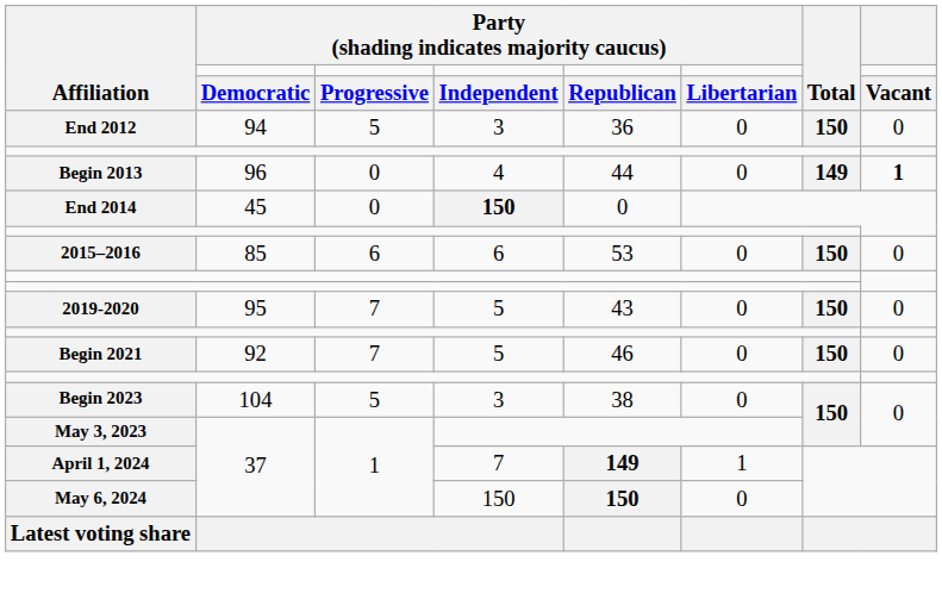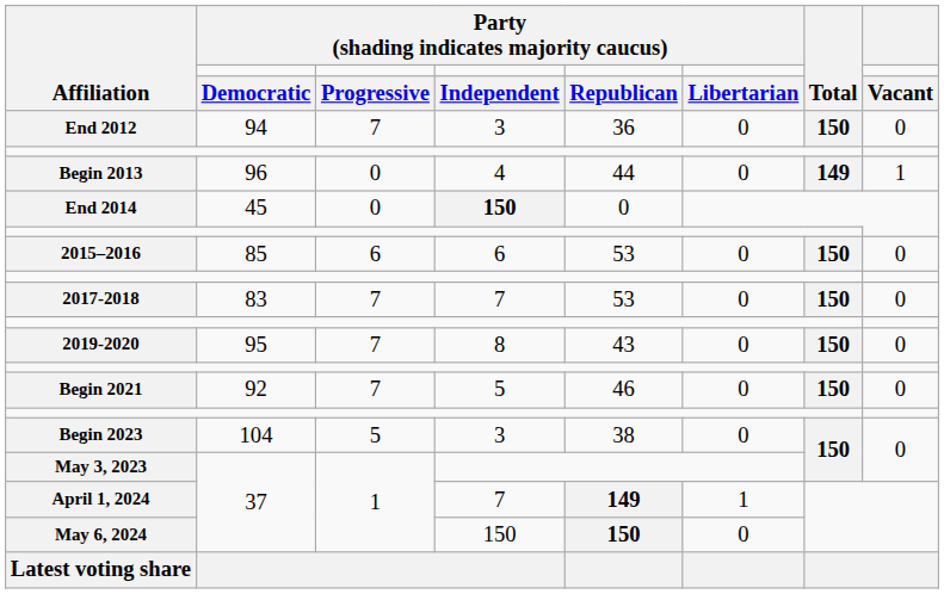 <table class=wikitable style="text-align:center">
 <tr style="vertical-align:bottom;">
 <th rowspan=3>Affiliation</th>
 <th colspan=5>Party <div>(shading indicates majority caucus)</div></th>
 <th rowspan=3>Total</th>
 <th></th>
 </tr>
 <tr style="height:5px">
 <td style="background-color:"></td>
 <td style="background-color:"></td>
 <td style="background-color:"></td>
 <td style="background-color:"></td>
 <td style="background-color:"></td>
 <td style="background-black"></td>
 </tr>
 <tr>
 <th><a href='#'>Democratic</a></th>
 <th><a href='#'>Progressive</a></th>
 <th><a href='#'>Independent</a></th>
 <th><a href='#'>Republican</a></th>
 <th><a href='#'>Libertarian</a></th>
 <th>Vacant</th>
 </tr>
 <tr>
 <th nowrap style="font-size:80%">End 2012</th>
 <td>94</td>
-<td>5</td>
+<td>7</td>
 <td>3</td>
 <td>36</td>
 <td>0</td>
 <th>150</th>
 <td>0</td>
 </tr>
 <tr>
 <td colspan=7></td>
 </tr>
 <tr>
 <th nowrap style="font-size:80%">Begin 2013</th>
 <td>96</td>
 <td>0</td>
 <td>4</td>
 <td>44</td>
 <td>0</td>
 <th>149</th>
-<td><strong>1</strong></td>
+<td>1</td>
 </tr>
 <tr>
 <th nowrap style="font-size:80%">End 2014</th>
 <td>45</td>
 <td>0</td>
 <th>150</th>
 <td>0</td>
 </tr>
 <tr>
 <td colspan=7></td>
 </tr>
 <tr>
 <th nowrap style="font-size:80%">2015–2016</th>
 <td>85</td>
 <td>6</td>
 <td>6</td>
 <td>53</td>
 <td>0</td>
 <th>150</th>
 <td>0</td>
 </tr>
 <tr>
 <td colspan=7></td>
 </tr>
 <tr>
+<th nowrap style="font-size:80%">2017-2018</th>
+<td>83</td>
+<td>7</td>
+<td>7</td>
+<td>53</td>
+<td>0</td>
+<th>150</th>
+<td>0</td>
+</tr>
+<tr>
 <td colspan=7></td>
 </tr>
 <tr>
 <th nowrap style="font-size:80%">2019-2020</th>
 <td>95</td>
 <td>7</td>
-<td>5</td>
+<td>8</td>
 <td>43</td>
 <td>0</td>
 <th>150</th>
 <td>0</td>
 </tr>
 <tr>
 <td colspan=7></td>
 </tr>
 <tr>
 <th nowrap style="font-size:80%">Begin 2021</th>
 <td>92</td>
 <td>7</td>
 <td>5</td>
 <td>46</td>
 <td>0</td>
 <th>150</th>
 <td>0</td>
 </tr>
 <tr>
 <td colspan=7></td>
 </tr>
 <tr>
 <th nowrap style="font-size:80%">Begin 2023</th>
 <td>104</td>
 <td>5</td>
 <td>3</td>
 <td>38</td>
 <td>0</td>
 <th rowspan=2>150</th>
 <td rowspan=2>0</td>
 </tr>
 <tr>
 <th nowrap style="font-size:80%">May 3, 2023</th>
 <td rowspan=3>37</td>
 <td rowspan=3>1</td>
 </tr>
 <tr>
 <th nowrap style="font-size:80%">April 1, 2024</th>
 <td>7</td>
 <th>149</th>
 <td>1</td>
 </tr>
 <tr>
 <th nowrap style="font-size:80%">May 6, 2024</th>
 <td>150</td>
 <th>150</th>
 <td>0</td>
 </tr>
 <tr>
 <th>Latest voting share</th>
 <th colspan=3 ></th>
 <th></th>
 <th></th>
 <th colspan=2></th>
 </tr>
 </table>
